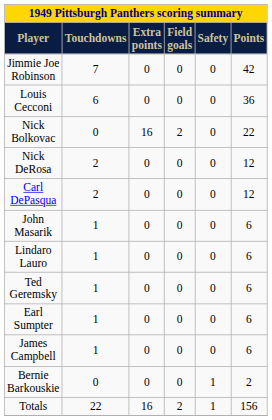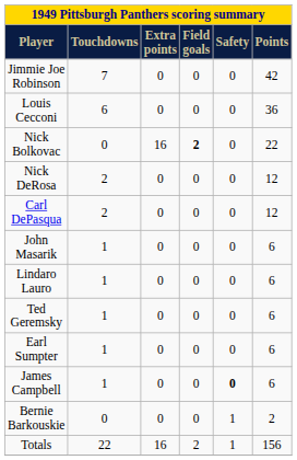 <table class="wikitable" width="35%">
 <tr>
 <th colspan="10" style="background:gold; color:darkblue; text-align: center;"><strong>1949 Pittsburgh Panthers scoring summary</strong></th>
 </tr>
 <tr align="center"  style="background:#091C44;color:#CEC499;">
 <td><strong>Player</strong></td>
 <td><strong>Touchdowns</strong></td>
 <td><strong>Extra points</strong></td>
 <td><strong>Field goals</strong></td>
 <td><strong>Safety</strong></td>
 <td><strong>Points</strong></td>
 </tr>
 <tr align="center" bgcolor="">
 <td>Jimmie Joe Robinson</td>
 <td>7</td>
 <td>0</td>
 <td>0</td>
 <td>0</td>
 <td>42</td>
 </tr>
 <tr align="center" bgcolor="">
 <td>Louis Cecconi</td>
 <td>6</td>
 <td>0</td>
 <td>0</td>
 <td>0</td>
 <td>36</td>
 </tr>
 <tr align="center" bgcolor="">
 <td>Nick Bolkovac</td>
 <td>0</td>
 <td>16</td>
-<td>2</td>
+<td><strong>2</strong></td>
 <td>0</td>
 <td>22</td>
 </tr>
 <tr align="center" bgcolor="">
 <td>Nick DeRosa</td>
 <td>2</td>
 <td>0</td>
 <td>0</td>
 <td>0</td>
 <td>12</td>
 </tr>
 <tr align="center" bgcolor="">
 <td><a href='#'>Carl DePasqua</a></td>
 <td>2</td>
 <td>0</td>
 <td>0</td>
 <td>0</td>
 <td>12</td>
 </tr>
 <tr align="center" bgcolor="">
 <td>John Masarik</td>
 <td>1</td>
 <td>0</td>
 <td>0</td>
 <td>0</td>
 <td>6</td>
 </tr>
 <tr align="center" bgcolor="">
 <td>Lindaro Lauro</td>
 <td>1</td>
 <td>0</td>
 <td>0</td>
 <td>0</td>
 <td>6</td>
 </tr>
 <tr align="center" bgcolor="">
 <td>Ted Geremsky</td>
 <td>1</td>
 <td>0</td>
 <td>0</td>
 <td>0</td>
 <td>6</td>
 </tr>
 <tr align="center" bgcolor="">
 <td>Earl Sumpter</td>
 <td>1</td>
 <td>0</td>
 <td>0</td>
 <td>0</td>
 <td>6</td>
 </tr>
 <tr align="center" bgcolor="">
 <td>James Campbell</td>
 <td>1</td>
 <td>0</td>
 <td>0</td>
-<td>0</td>
+<td><strong>0</strong></td>
 <td>6</td>
 </tr>
 <tr align="center" bgcolor="">
 <td>Bernie Barkouskie</td>
 <td>0</td>
 <td>0</td>
 <td>0</td>
 <td>1</td>
 <td>2</td>
 </tr>
 <tr align="center" bgcolor="">
 <td>Totals</td>
 <td>22</td>
 <td>16</td>
 <td>2</td>
 <td>1</td>
 <td>156</td>
 </tr>
 <tr align="center" bgcolor="">
 </tr>
 </table>
